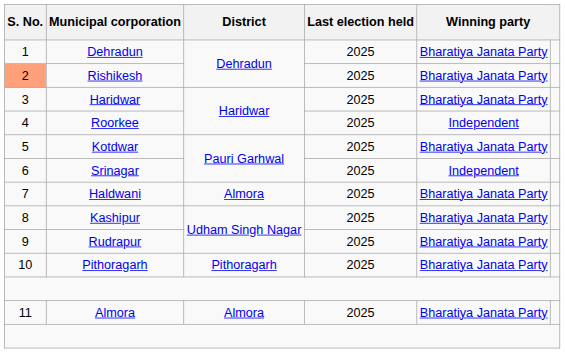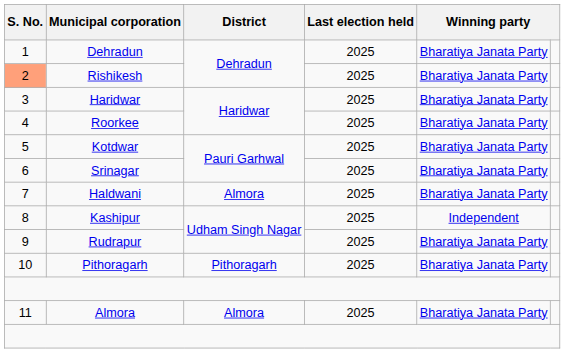 <table class="wikitable sortable">
 <tr style="text-align:center; height:45px;">
 <th scope="col">S. No.</th>
 <th>Municipal corporation</th>
 <th>District</th>
 <th>Last election held</th>
 <th colspan=2>Winning party</th>
 </tr>
 <tr style="text-align:center; height:30px;">
 <td>1</td>
 <td><a href='#'>Dehradun</a></td>
 <td rowspan="2"><a href='#'>Dehradun</a></td>
 <td>2025</td>
 <td><a href='#'>Bharatiya Janata Party</a></td>
 <td width="4px" style="background-color: "></td>
 </tr>
 <tr style="text-align:center; height:30px;">
 <td style="background: lightsalmon;">2</td>
 <td><a href='#'>Rishikesh</a></td>
 <td>2025</td>
 <td><a href='#'>Bharatiya Janata Party</a></td>
 <td width="4px" style="background-color: "></td>
 </tr>
 <tr style="text-align:center; height:30px;">
 <td>3</td>
 <td><a href='#'>Haridwar</a></td>
 <td rowspan="2"><a href='#'>Haridwar</a></td>
 <td>2025</td>
 <td><a href='#'>Bharatiya Janata Party</a></td>
 <td width="4px" style="background-color: "></td>
 </tr>
 <tr style="text-align:center; height:30px;">
 <td>4</td>
 <td><a href='#'>Roorkee</a></td>
 <td>2025</td>
-<td><a href='#'>Independent</a></td>
+<td><a href='#'>Bharatiya Janata Party</a></td>
 <td width="4px" style="background-color: "></td>
 </tr>
 <tr style="text-align:center; height:30px;">
 <td>5</td>
 <td><a href='#'>Kotdwar</a></td>
 <td rowspan="2"><a href='#'>Pauri Garhwal</a></td>
 <td>2025</td>
 <td><a href='#'>Bharatiya Janata Party</a></td>
 <td width="4px" style="background-color: "></td>
 </tr>
 <tr style="text-align:center; height:30px;">
 <td>6</td>
 <td><a href='#'>Srinagar</a></td>
 <td>2025</td>
-<td><a href='#'>Independent</a></td>
+<td><a href='#'>Bharatiya Janata Party</a></td>
 <td width="4px" style="background-color: "></td>
 </tr>
 <tr style="text-align:center; height:30px;">
 <td>7</td>
 <td><a href='#'>Haldwani</a></td>
 <td><a href='#'>Almora</a></td>
 <td>2025</td>
 <td><a href='#'>Bharatiya Janata Party</a></td>
 <td width="4px" style="background-color: "></td>
 </tr>
 <tr style="text-align:center; height:30px;">
 <td>8</td>
 <td><a href='#'>Kashipur</a></td>
 <td rowspan="2"><a href='#'>Udham Singh Nagar</a></td>
 <td>2025</td>
-<td><a href='#'>Bharatiya Janata Party</a></td>
+<td><a href='#'>Independent</a></td>
 <td width="4px" style="background-color: "></td>
 </tr>
 <tr style="text-align:center; height:30px;">
 <td>9</td>
 <td><a href='#'>Rudrapur</a></td>
 <td>2025</td>
 <td><a href='#'>Bharatiya Janata Party</a></td>
 <td width="4px" style="background-color: "></td>
 </tr>
 <tr style="text-align:center; height:30px;">
 <td>10</td>
 <td><a href='#'>Pithoragarh</a></td>
 <td><a href='#'>Pithoragarh</a></td>
 <td>2025</td>
 <td><a href='#'>Bharatiya Janata Party</a></td>
 <td width="4px" style="background-color: "></td>
 </tr>
 <tr style="text-align:center; height:30px;">
 </tr>
 <tr style="text-align:center; height:30px;">
 <td>11</td>
 <td><a href='#'>Almora</a></td>
 <td><a href='#'>Almora</a></td>
 <td>2025</td>
 <td><a href='#'>Bharatiya Janata Party</a></td>
 <td width="4px" style="background-color: "></td>
 </tr>
 <tr style="text-align:center; height:30px;">
 </tr>
 </table>
